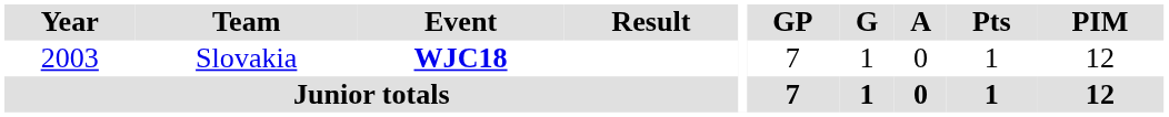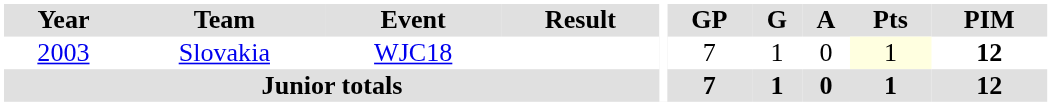 <table border="0" cellpadding="1" cellspacing="0" ID="Table3" style="text-align:center; width:40em">
 <tr ALIGN="center" bgcolor="#e0e0e0">
 <th>Year</th>
 <th>Team</th>
 <th>Event</th>
 <th>Result</th>
 <th rowspan="99" bgcolor="#ffffff"></th>
 <th>GP</th>
 <th>G</th>
 <th>A</th>
 <th>Pts</th>
 <th>PIM</th>
 </tr>
 <tr>
 <td><a href='#'>2003</a></td>
 <td><a href='#'>Slovakia</a></td>
-<td><strong><a href='#'>WJC18</a></strong></td>
+<td><a href='#'>WJC18</a></td>
 <td></td>
 <td>7</td>
 <td>1</td>
 <td>0</td>
-<td>1</td>
-<td>12</td>
+<td style="background: lightyellow;">1</td>
+<td><strong>12</strong></td>
 </tr>
 <tr bgcolor="#e0e0e0">
 <th colspan="4">Junior totals</th>
 <th>7</th>
 <th>1</th>
 <th>0</th>
 <th>1</th>
 <th>12</th>
 </tr>
 </table>
